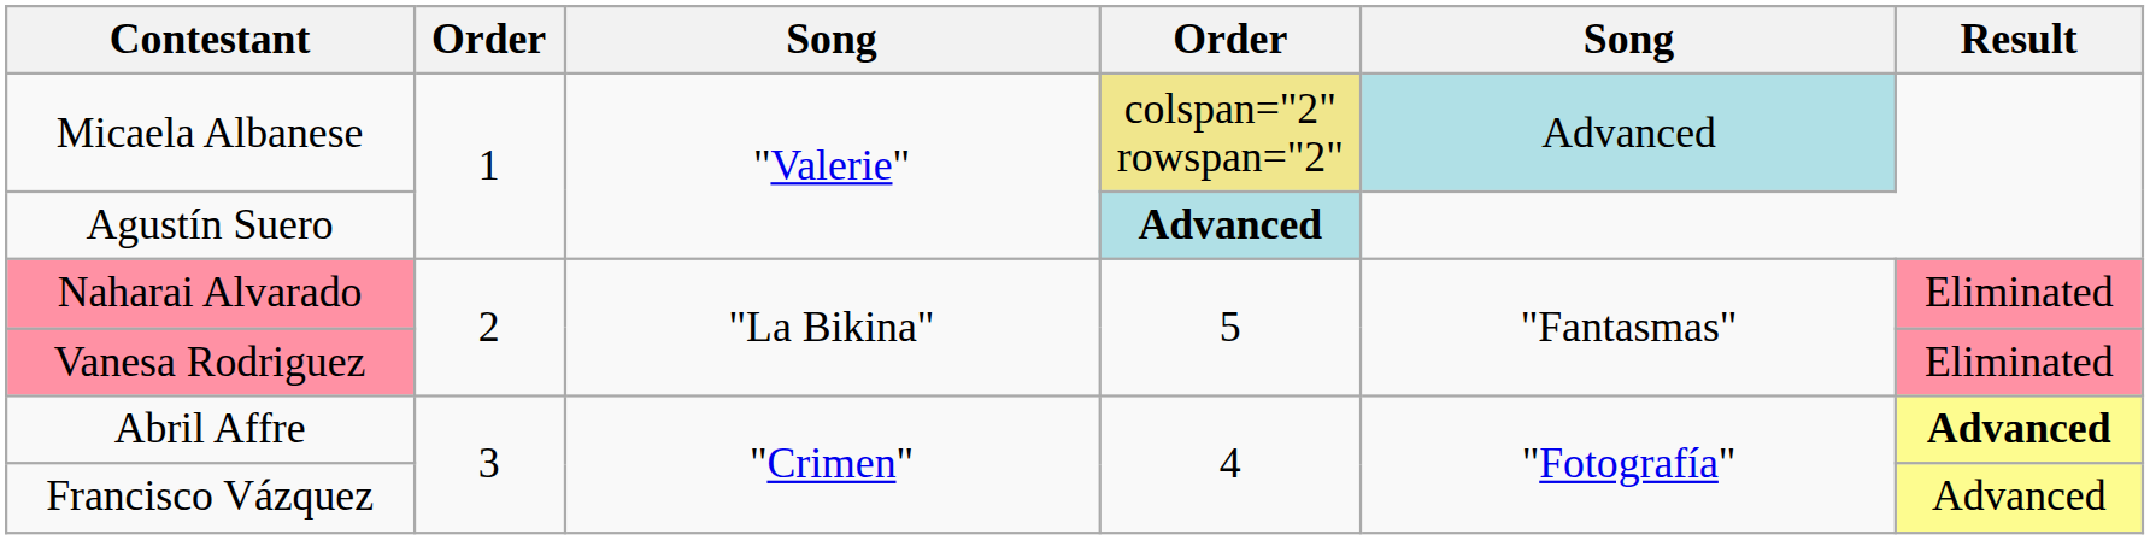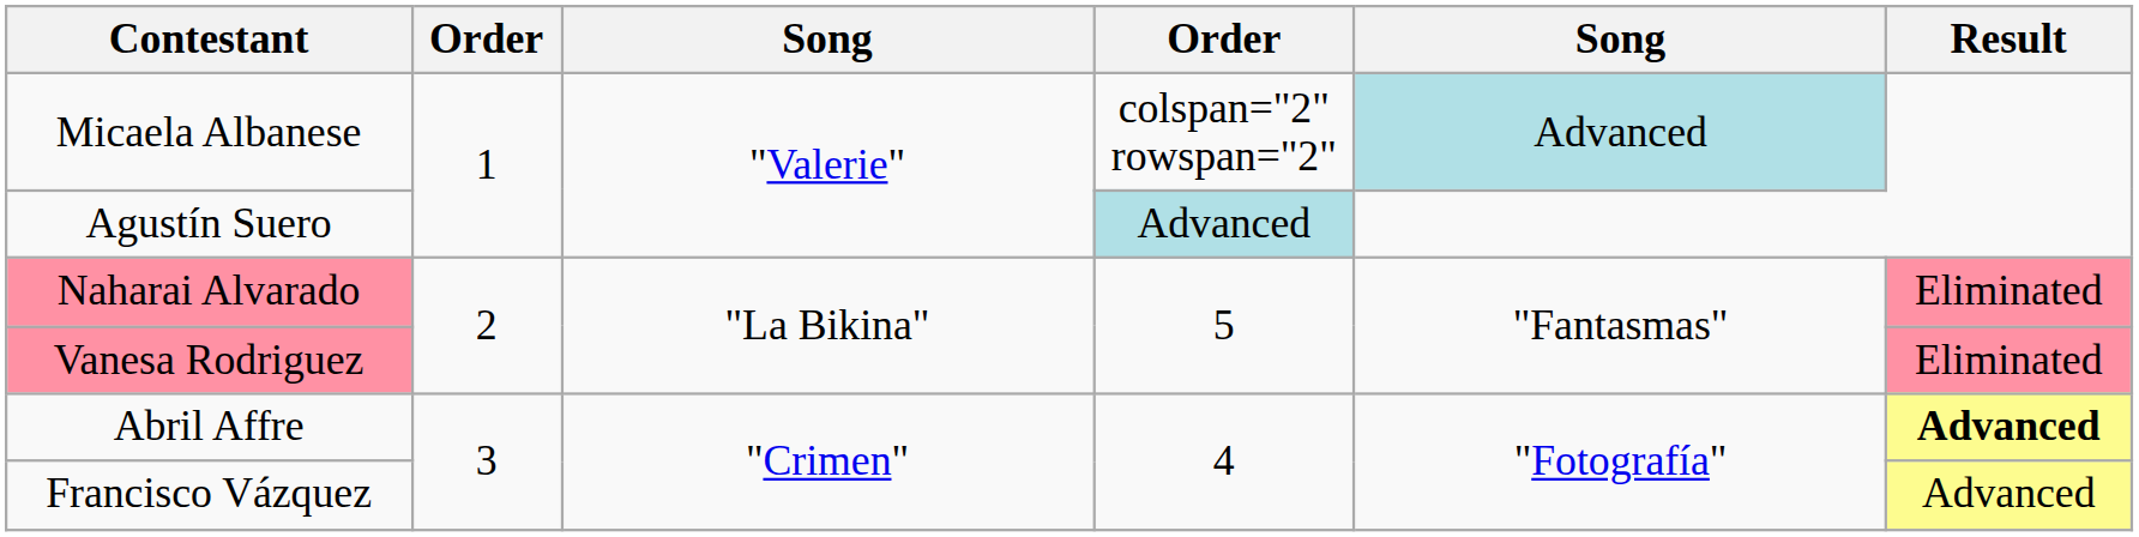 <table class="wikitable" style="text-align:center; width:90%;">
 <tr>
 <th scope="col" style="width:16%;">Contestant</th>
 <th scope="col" style="width:4%;">Order</th>
 <th scope="col" style="width:21%;">Song</th>
 <th scope="col" style="width:4%;">Order</th>
 <th scope="col" style="width:21%;">Song</th>
 <th scope="col" style="width:9%;">Result</th>
 </tr>
 <tr>
 <td>Micaela Albanese</td>
 <td rowspan="2">1</td>
 <td rowspan="2">"<a href='#'>Valerie</a>"</td>
-<td style="background: khaki;">colspan="2" rowspan="2" </td>
+<td>colspan="2" rowspan="2" </td>
 <td style="background:#B0E0E6;">Advanced</td>
 </tr>
 <tr>
 <td>Agustín Suero</td>
-<td style="background:#B0E0E6;"><strong>Advanced</strong></td>
+<td style="background:#B0E0E6;">Advanced</td>
 </tr>
 <tr>
 <td style="background:#FF91A4;">Naharai Alvarado</td>
 <td rowspan="2">2</td>
 <td rowspan="2">"La Bikina"</td>
 <td rowspan="2">5</td>
 <td rowspan="2">"Fantasmas"</td>
 <td style="background:#FF91A4;">Eliminated</td>
 </tr>
 <tr>
 <td style="background:#FF91A4;">Vanesa Rodriguez</td>
 <td style="background:#FF91A4;">Eliminated</td>
 </tr>
 <tr>
 <td>Abril Affre</td>
 <td rowspan="2">3</td>
 <td rowspan="2">"<a href='#'>Crimen</a>"</td>
 <td rowspan="2">4</td>
 <td rowspan="2">"<a href='#'>Fotografía</a>"</td>
 <td style="background:#FDFC8F;"><strong>Advanced</strong></td>
 </tr>
 <tr>
 <td>Francisco Vázquez</td>
 <td style="background:#FDFC8F;">Advanced</td>
 </tr>
 </table>
